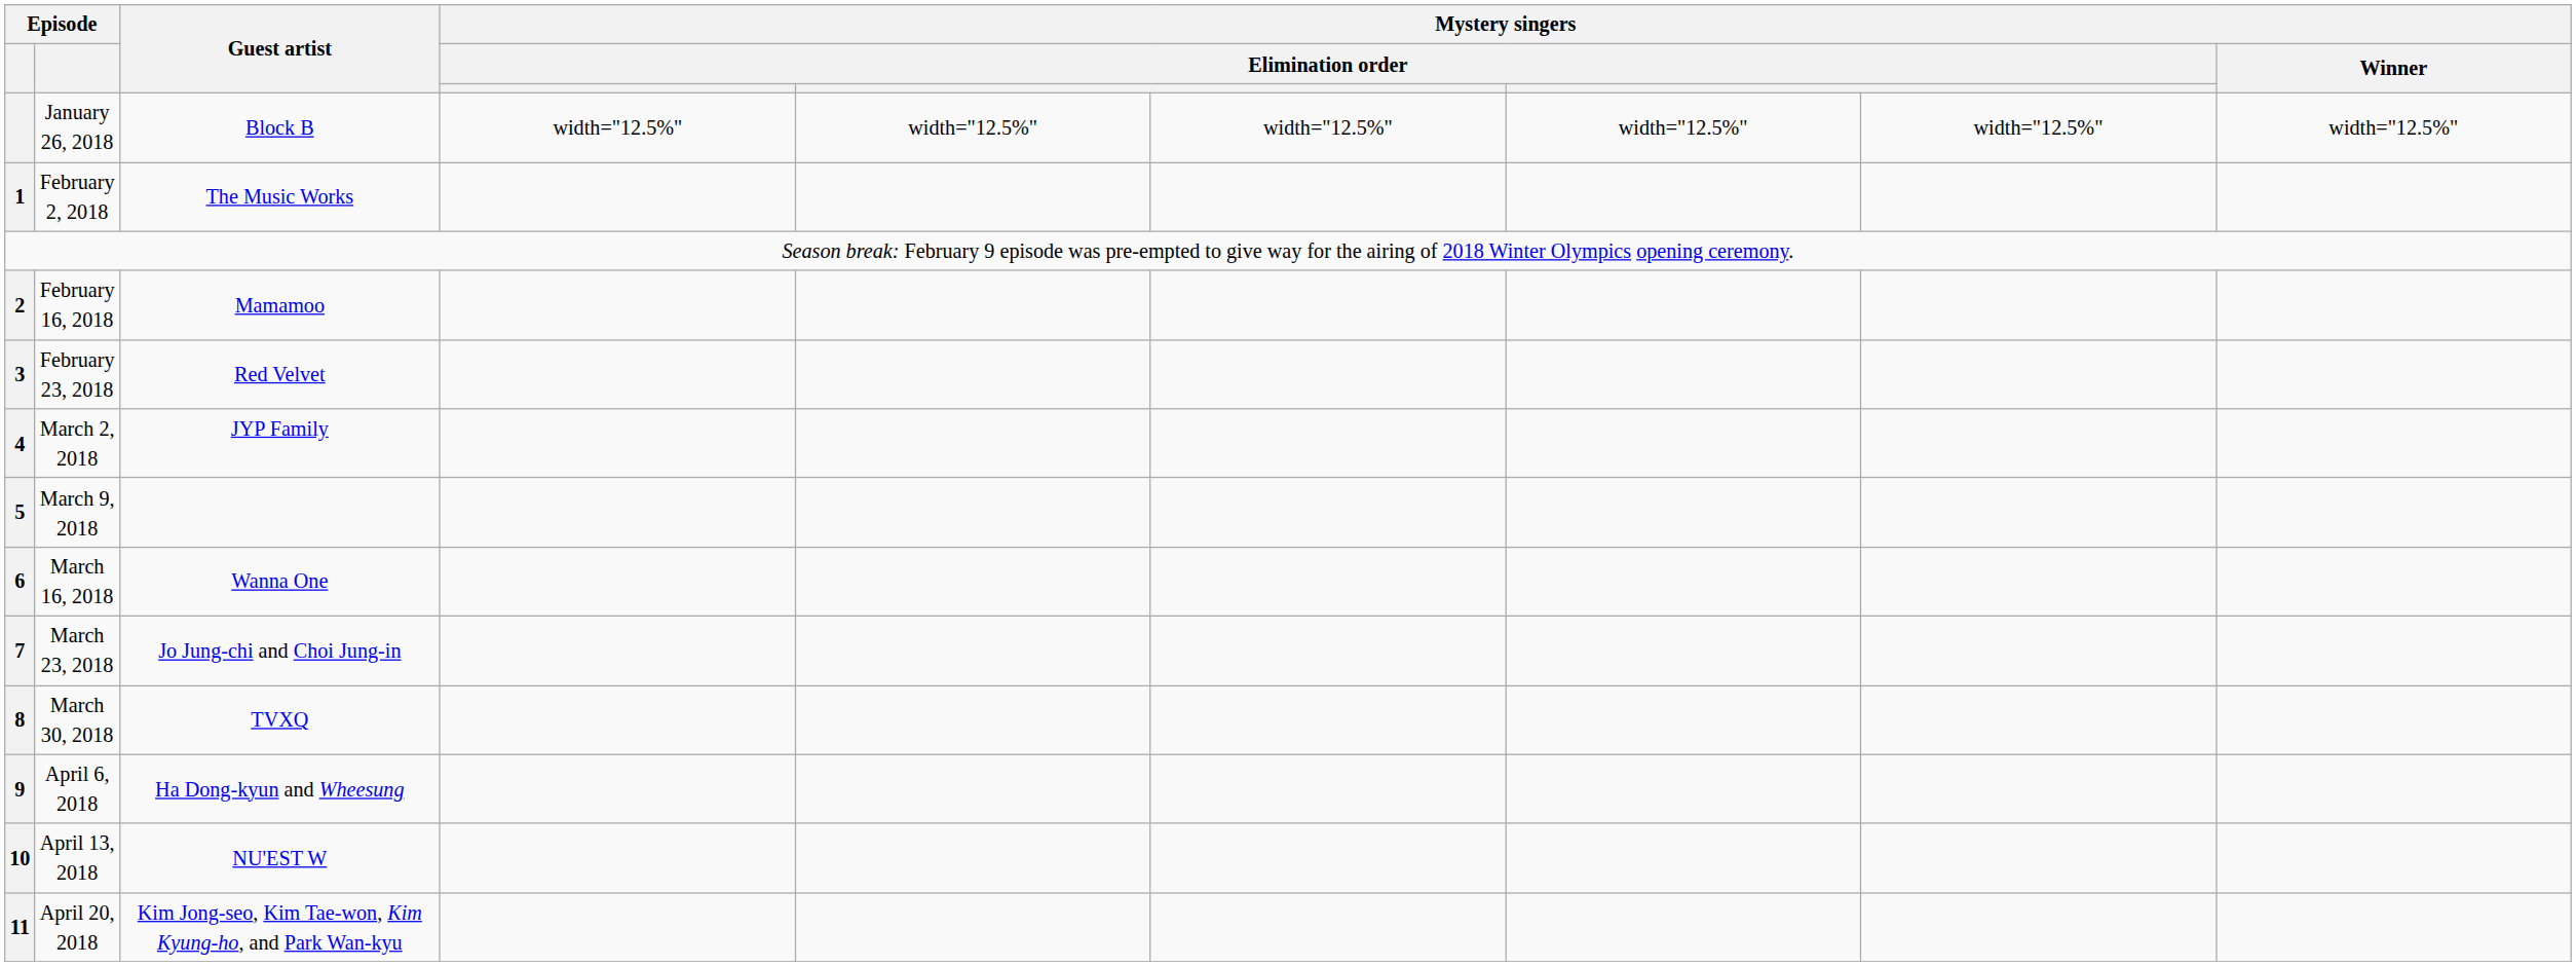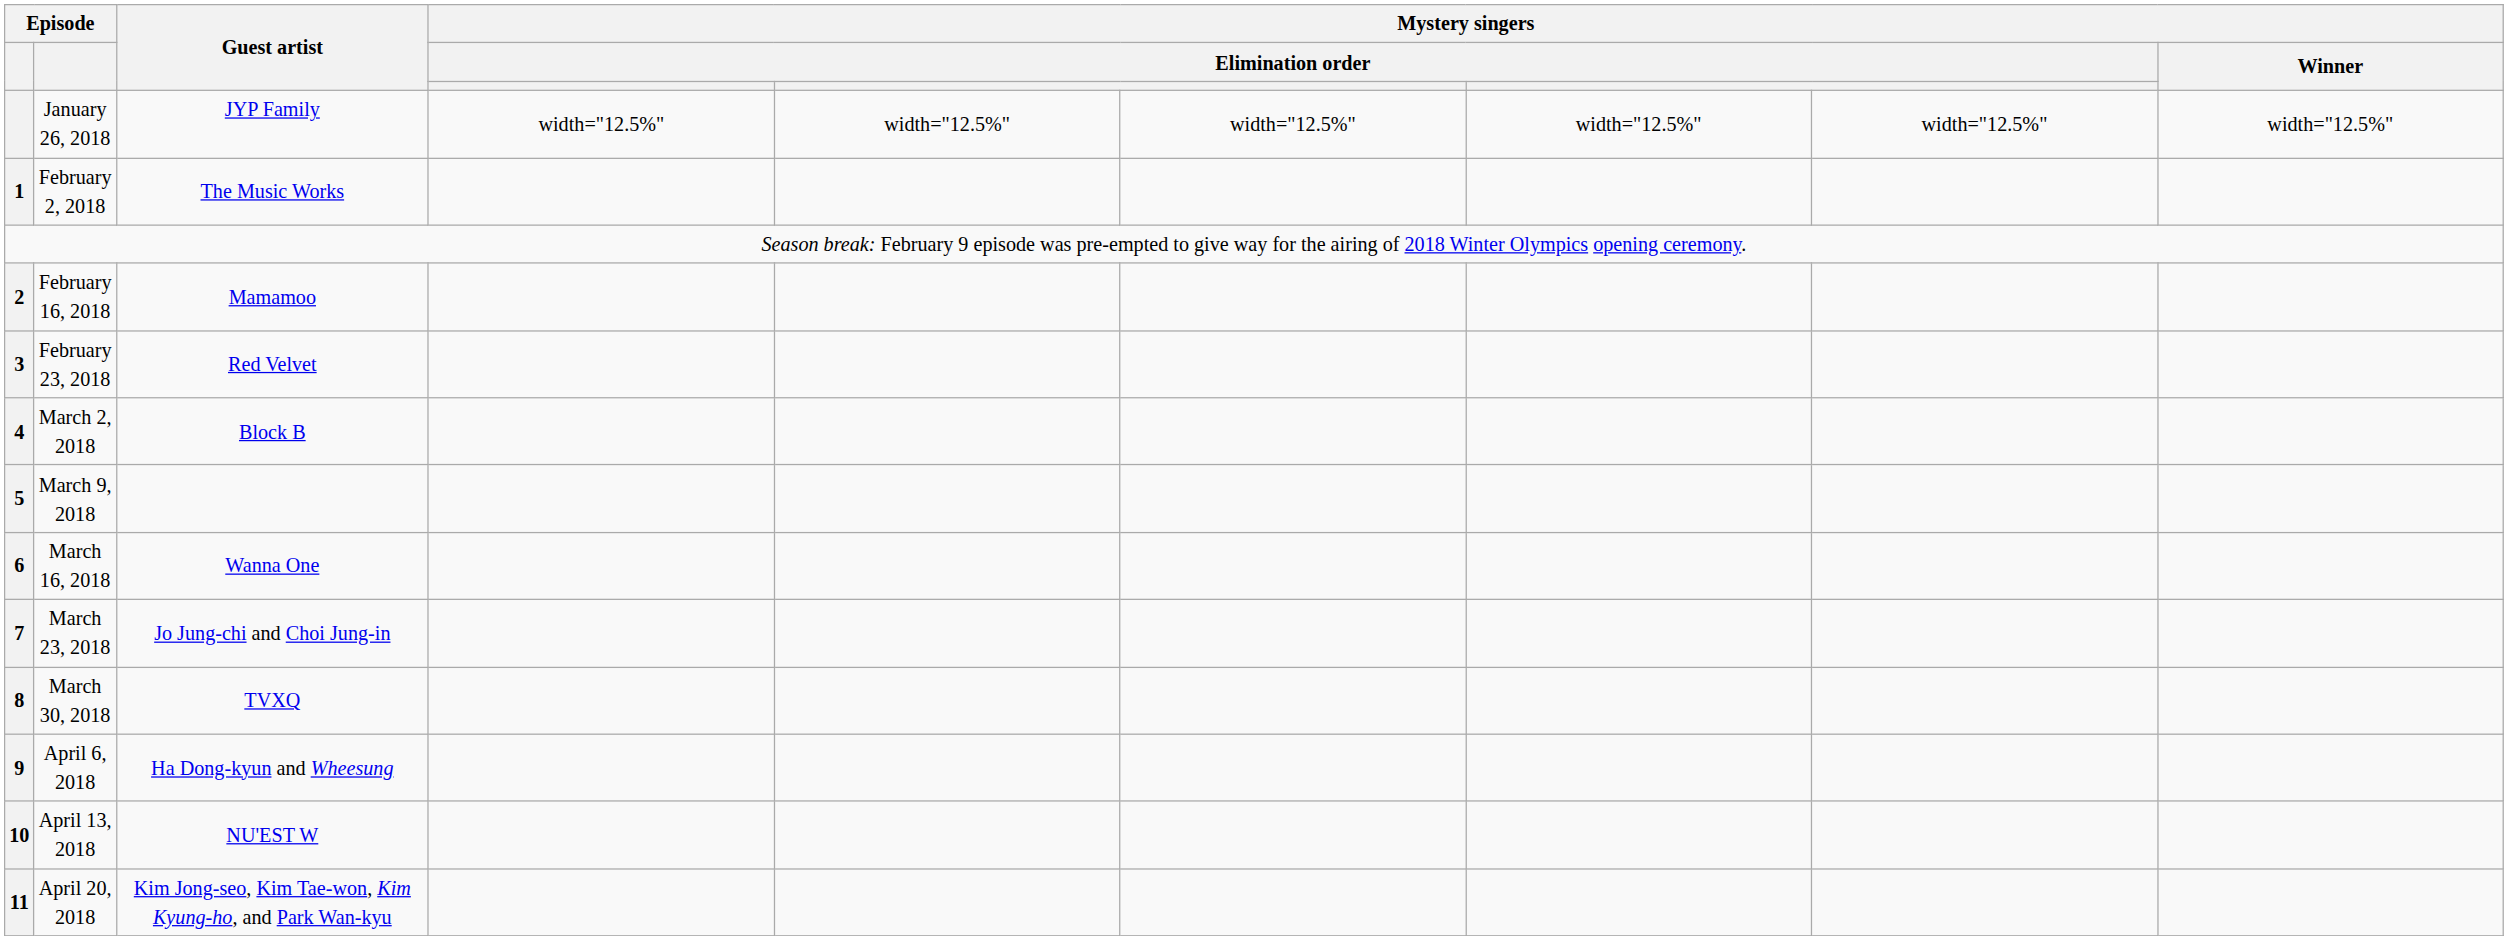 <table class="wikitable plainrowheaders mw-collapsible" style="text-align:center; line-height:23px; width:100%;">
 <tr>
 <th colspan="2" width="1%">Episode</th>
 <th rowspan="3" width="12.5%">Guest artist</th>
 <th colspan="6">Mystery singers<br></th>
 </tr>
 <tr>
 <th rowspan="2"></th>
 <th rowspan="2"></th>
 <th colspan="5">Elimination order</th>
 <th rowspan="2">Winner</th>
 </tr>
 <tr>
 <th></th>
 <th colspan="2"></th>
 <th colspan="2"></th>
 </tr>
 <tr>
 <th></th>
 <td>January 26, 2018</td>
-<td><a href='#'>Block B</a></td>
+<td><a href='#'>JYP Family</a><br><br></td>
 <td>width="12.5%" </td>
 <td>width="12.5%" </td>
 <td>width="12.5%" </td>
 <td>width="12.5%" </td>
 <td>width="12.5%" </td>
 <td>width="12.5%" </td>
 </tr>
 <tr>
 <th>1</th>
 <td>February 2, 2018</td>
 <td><a href='#'>The Music Works</a><br></td>
 <td></td>
 <td></td>
 <td></td>
 <td></td>
 <td></td>
 <td></td>
 </tr>
 <tr>
 <td colspan=9><em>Season break:</em> February 9 episode was pre-empted to give way for the airing of <a href='#'>2018 Winter Olympics</a> <a href='#'>opening ceremony</a>.</td>
 </tr>
 <tr>
 <th>2</th>
 <td>February 16, 2018</td>
 <td><a href='#'>Mamamoo</a><br></td>
 <td></td>
 <td></td>
 <td></td>
 <td></td>
 <td></td>
 <td></td>
 </tr>
 <tr>
 <th>3</th>
 <td>February 23, 2018</td>
 <td><a href='#'>Red Velvet</a><br></td>
 <td></td>
 <td></td>
 <td></td>
 <td></td>
 <td></td>
 <td></td>
 </tr>
 <tr>
 <th>4</th>
 <td>March 2, 2018</td>
-<td><a href='#'>JYP Family</a><br><br></td>
+<td><a href='#'>Block B</a></td>
 <td></td>
 <td></td>
 <td></td>
 <td></td>
 <td></td>
 <td></td>
 </tr>
 <tr>
 <th>5</th>
 <td>March 9, 2018</td>
 <td></td>
 <td></td>
 <td></td>
 <td></td>
 <td></td>
 <td></td>
 <td></td>
 </tr>
 <tr>
 <th>6</th>
 <td>March 16, 2018</td>
 <td><a href='#'>Wanna One</a><br></td>
 <td></td>
 <td></td>
 <td></td>
 <td></td>
 <td></td>
 <td></td>
 </tr>
 <tr>
 <th>7</th>
 <td>March 23, 2018</td>
 <td><a href='#'>Jo Jung-chi</a> and <a href='#'>Choi Jung-in</a><br></td>
 <td></td>
 <td></td>
 <td></td>
 <td></td>
 <td></td>
 <td></td>
 </tr>
 <tr>
 <th>8</th>
 <td>March 30, 2018</td>
 <td><a href='#'>TVXQ</a><br></td>
 <td></td>
 <td></td>
 <td></td>
 <td></td>
 <td></td>
 <td></td>
 </tr>
 <tr>
 <th>9</th>
 <td>April 6, 2018</td>
 <td><a href='#'>Ha Dong-kyun</a> and <em><a href='#'>Wheesung</a></em><br></td>
 <td></td>
 <td></td>
 <td></td>
 <td></td>
 <td></td>
 <td></td>
 </tr>
 <tr>
 <th>10</th>
 <td>April 13, 2018</td>
 <td><a href='#'>NU'EST W</a><br></td>
 <td></td>
 <td></td>
 <td></td>
 <td></td>
 <td></td>
 <td></td>
 </tr>
 <tr>
 <th>11</th>
 <td>April 20, 2018</td>
 <td><a href='#'>Kim Jong-seo</a>, <a href='#'>Kim Tae-won</a>, <em><a href='#'>Kim Kyung-ho</a></em>, and <a href='#'>Park Wan-kyu</a></td>
 <td></td>
 <td></td>
 <td></td>
 <td></td>
 <td></td>
 <td></td>
 </tr>
 </table>
